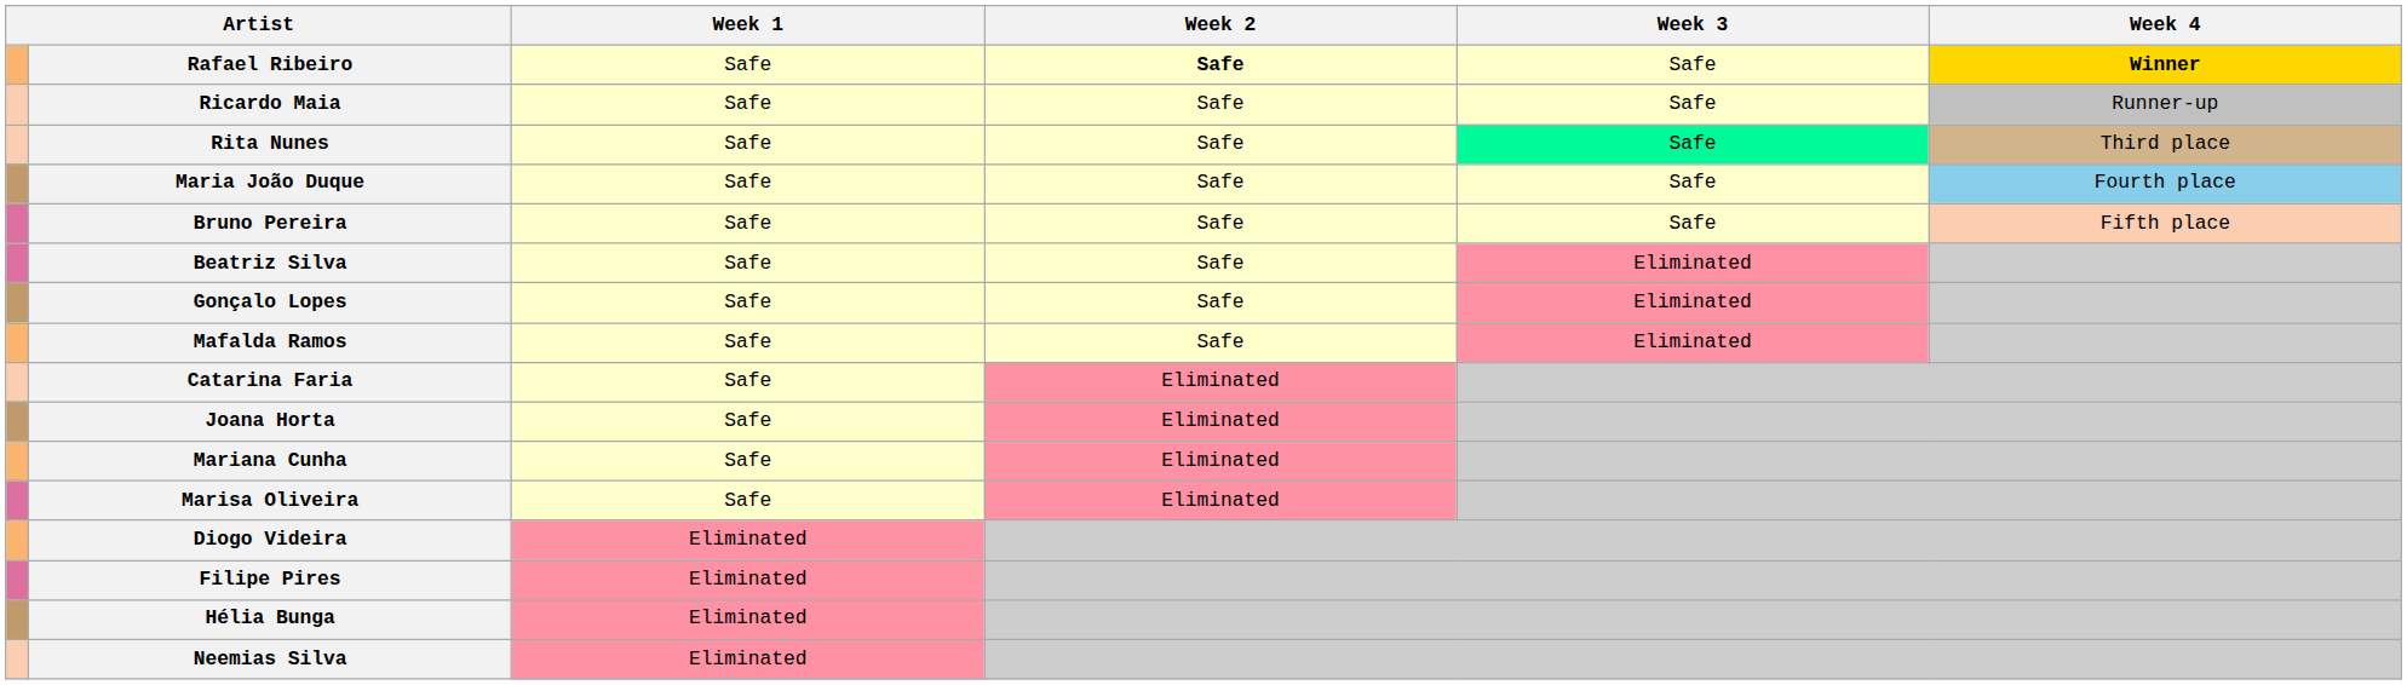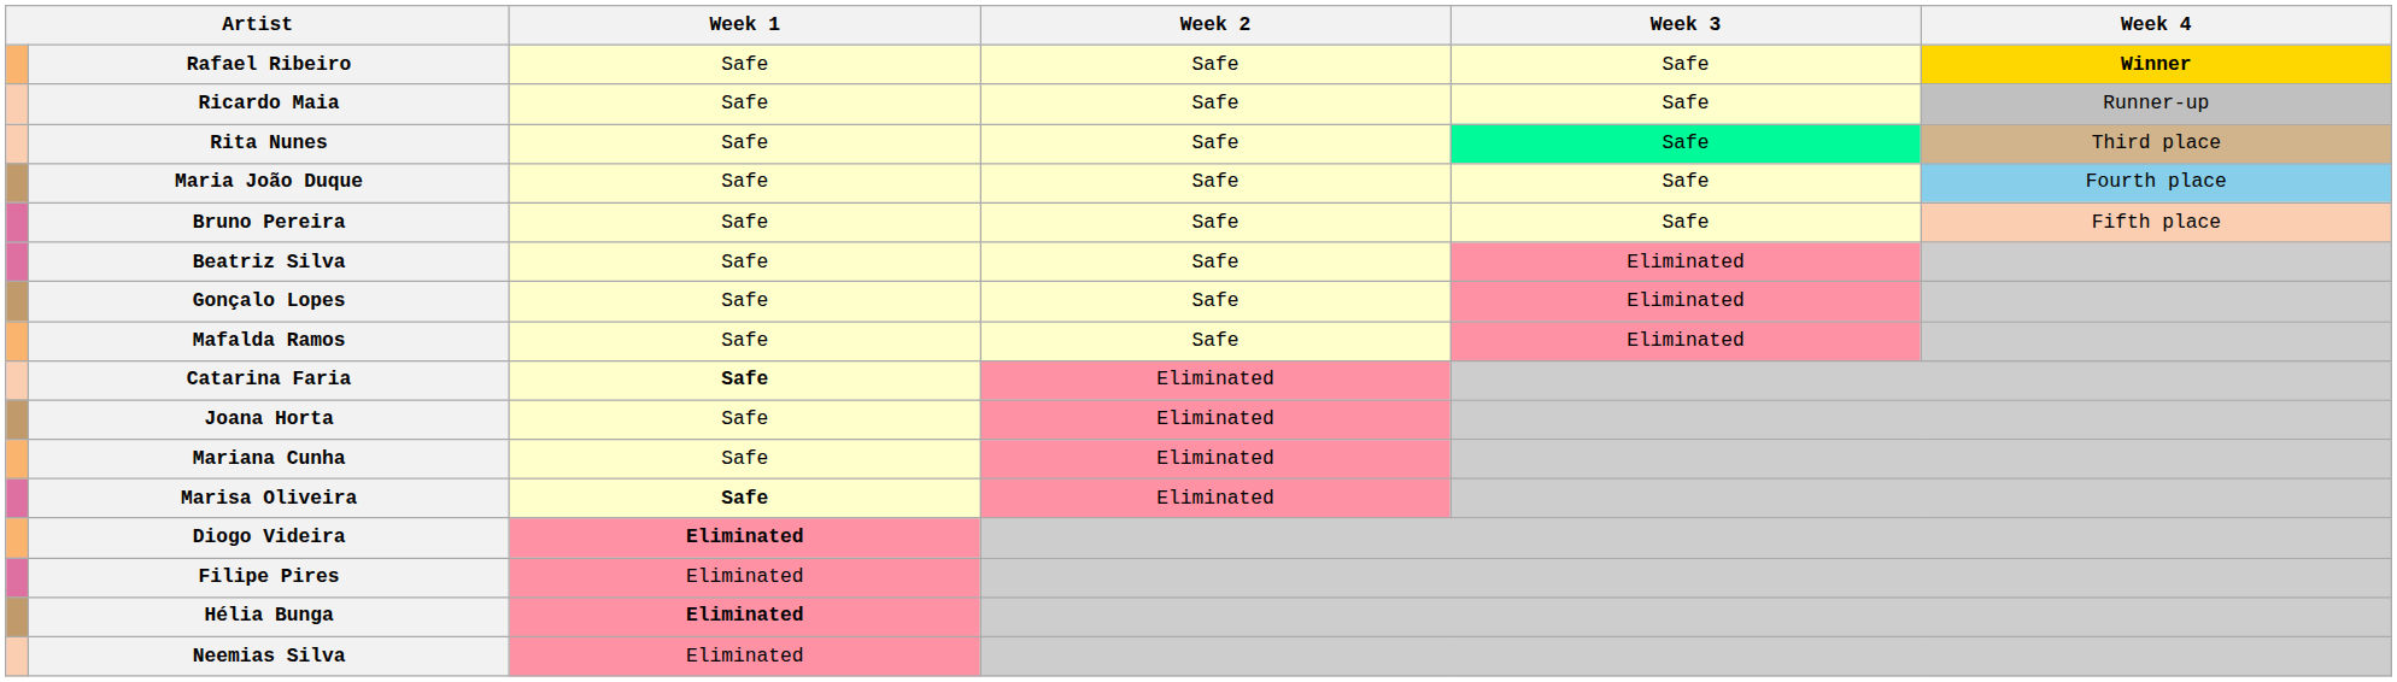 <table class="wikitable nowrap" style="text-align:center; line-height:20px; width:100%">
 <tr>
 <th style="width:15%" colspan="2">Artist</th>
 <th style="width:14%">Week 1</th>
 <th style="width:14%">Week 2</th>
 <th style="width:14%">Week 3</th>
 <th style="width:14%">Week 4</th>
 </tr>
 <tr>
 <th style="background:#fbb46e"></th>
 <th>Rafael Ribeiro</th>
 <td style="background:#FFFFCC">Safe</td>
-<td style="background:#FFFFCC"><strong>Safe</strong></td>
+<td style="background:#FFFFCC">Safe</td>
 <td style="background:#FFFFCC">Safe</td>
 <td style="background:gold"><strong>Winner</strong></td>
 </tr>
 <tr>
 <th style="background:#fbceb1"></th>
 <th>Ricardo Maia</th>
 <td style="background:#FFFFCC">Safe</td>
 <td style="background:#FFFFCC">Safe</td>
 <td style="background:#FFFFCC">Safe</td>
 <td style="background:silver">Runner-up</td>
 </tr>
 <tr>
 <th style="background:#fbceb1"></th>
 <th>Rita Nunes</th>
 <td style="background:#FFFFCC">Safe</td>
 <td style="background:#FFFFCC">Safe</td>
 <td style="background:#00fa9a">Safe</td>
 <td style="background:tan">Third place</td>
 </tr>
 <tr>
 <th style="background:#C19A6B"></th>
 <th>Maria João Duque</th>
 <td style="background:#FFFFCC">Safe</td>
 <td style="background:#FFFFCC">Safe</td>
 <td style="background:#FFFFCC">Safe</td>
 <td style="background:skyblue">Fourth place</td>
 </tr>
 <tr>
 <th style="background:#DE6FA1"></th>
 <th>Bruno Pereira</th>
 <td style="background:#FFFFCC">Safe</td>
 <td style="background:#FFFFCC">Safe</td>
 <td style="background:#FFFFCC">Safe</td>
 <td style="background:#fbceb1">Fifth place</td>
 </tr>
 <tr>
 <th style="background:#DE6FA1"></th>
 <th>Beatriz Silva</th>
 <td style="background:#FFFFCC">Safe</td>
 <td style="background:#FFFFCC">Safe</td>
 <td style="background:#FF91A4">Eliminated</td>
 <td style="background:#cdcdcd"></td>
 </tr>
 <tr>
 <th style="background:#C19A6B"></th>
 <th>Gonçalo Lopes</th>
 <td style="background:#FFFFCC">Safe</td>
 <td style="background:#FFFFCC">Safe</td>
 <td style="background:#FF91A4">Eliminated</td>
 <td style="background:#cdcdcd"></td>
 </tr>
 <tr>
 <th style="background:#fbb46e"></th>
 <th>Mafalda Ramos</th>
 <td style="background:#FFFFCC">Safe</td>
 <td style="background:#FFFFCC">Safe</td>
 <td style="background:#FF91A4">Eliminated</td>
 <td style="background:#cdcdcd"></td>
 </tr>
 <tr>
 <th style="background:#fbceb1"></th>
 <th>Catarina Faria</th>
-<td style="background:#FFFFCC">Safe</td>
+<td style="background:#FFFFCC"><strong>Safe</strong></td>
 <td style="background:#FF91A4">Eliminated</td>
 <td style="background:#cdcdcd" colspan="3"></td>
 </tr>
 <tr>
 <th style="background:#C19A6B"></th>
 <th>Joana Horta</th>
 <td style="background:#FFFFCC">Safe</td>
 <td style="background:#FF91A4">Eliminated</td>
 <td style="background:#cdcdcd" colspan="3"></td>
 </tr>
 <tr>
 <th style="background:#fbb46e"></th>
 <th>Mariana Cunha</th>
 <td style="background:#FFFFCC">Safe</td>
 <td style="background:#FF91A4">Eliminated</td>
 <td style="background:#cdcdcd" colspan="3"></td>
 </tr>
 <tr>
 <th style="background:#DE6FA1"></th>
 <th>Marisa Oliveira</th>
-<td style="background:#FFFFCC">Safe</td>
+<td style="background:#FFFFCC"><strong>Safe</strong></td>
 <td style="background:#FF91A4">Eliminated</td>
 <td style="background:#cdcdcd" colspan="3"></td>
 </tr>
 <tr>
 <th style="background:#fbb46e"></th>
 <th>Diogo Videira</th>
-<td style="background:#FF91A4">Eliminated</td>
+<td style="background:#FF91A4"><strong>Eliminated</strong></td>
 <td style="background:#cdcdcd" colspan="4"></td>
 </tr>
 <tr>
 <th style="background:#DE6FA1"></th>
 <th>Filipe Pires</th>
 <td style="background:#FF91A4">Eliminated</td>
 <td style="background:#cdcdcd" colspan="4"></td>
 </tr>
 <tr>
 <th style="background:#C19A6B"></th>
 <th>Hélia Bunga</th>
-<td style="background:#FF91A4">Eliminated</td>
+<td style="background:#FF91A4"><strong>Eliminated</strong></td>
 <td style="background:#cdcdcd" colspan="4"></td>
 </tr>
 <tr>
 <th style="background:#fbceb1"></th>
 <th>Neemias Silva</th>
 <td style="background:#FF91A4">Eliminated</td>
 <td style="background:#cdcdcd" colspan="4"></td>
 </tr>
 </table>
